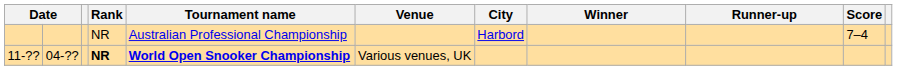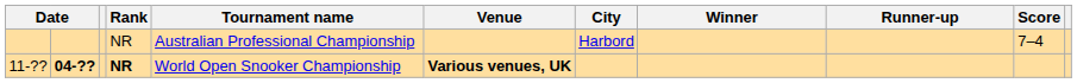 <table class="wikitable" style="font-size: 85%">
 <tr>
 <th colspan="2" width=40 align="center">Date</th>
 <th></th>
 <th>Rank</th>
 <th width=235>Tournament name</th>
 <th>Venue</th>
 <th>City</th>
 <th width=160>Winner</th>
 <th width=160>Runner-up</th>
 <th>Score</th>
 <th></th>
 </tr>
 <tr bgcolor="#ffdf9f">
 <td></td>
 <td></td>
 <td></td>
 <td>NR</td>
 <td><a href='#'>Australian Professional Championship</a></td>
 <td></td>
 <td><a href='#'>Harbord</a></td>
 <td></td>
 <td></td>
 <td>7–4</td>
 <td></td>
 </tr>
 <tr bgcolor="#ffdf9f">
 <td>11-??</td>
-<td>04-??</td>
+<td><strong>04-??</strong></td>
 <td></td>
 <td><strong>NR</strong></td>
-<td><strong><a href='#'>World Open Snooker Championship</a></strong></td>
-<td>Various venues, UK</td>
+<td><a href='#'>World Open Snooker Championship</a></td>
+<td><strong>Various venues, UK</strong></td>
 <td></td>
 <td></td>
 <td></td>
 <td></td>
 <td></td>
 </tr>
 </table>
